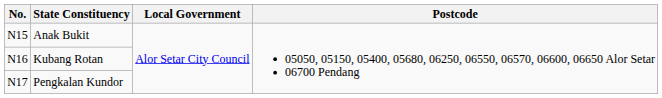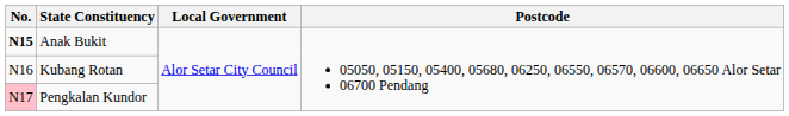 <table class="wikitable">
 <tr>
 <th>No.</th>
 <th>State Constituency</th>
 <th>Local Government</th>
 <th>Postcode</th>
 </tr>
 <tr>
-<td>N15</td>
+<td><strong>N15</strong></td>
 <td>Anak Bukit</td>
 <td rowspan="3"><a href='#'>Alor Setar City Council</a></td>
 <td rowspan="3"><br><ul><li>05050, 05150, 05400, 05680, 06250, 06550, 06570, 06600, 06650 Alor Setar</li><li>06700 Pendang</li></ul></td>
 </tr>
 <tr>
 <td>N16</td>
 <td>Kubang Rotan</td>
 </tr>
 <tr>
-<td>N17</td>
+<td style="background: pink;">N17</td>
 <td>Pengkalan Kundor</td>
 </tr>
 </table>
